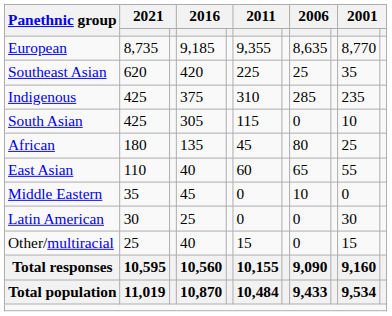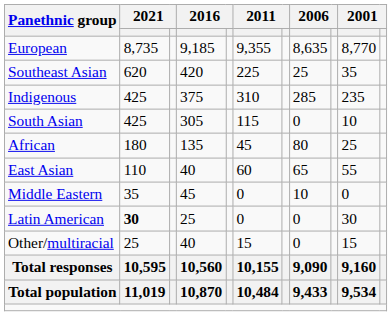 <table class="wikitable collapsible sortable">
 <tr>
 <th rowspan="2"><a href='#'>Panethnic</a> group</th>
 <th colspan="2">2021</th>
 <th colspan="2">2016</th>
 <th colspan="2">2011</th>
 <th colspan="2">2006</th>
 <th colspan="2">2001</th>
 </tr>
 <tr>
 <th><a href='#'></a></th>
 <th></th>
 <th></th>
 <th></th>
 <th></th>
 <th></th>
 <th></th>
 <th></th>
 <th></th>
 <th></th>
 </tr>
 <tr>
 <td><a href='#'>European</a></td>
 <td>8,735</td>
 <td></td>
 <td>9,185</td>
 <td></td>
 <td>9,355</td>
 <td></td>
 <td>8,635</td>
 <td></td>
 <td>8,770</td>
 <td></td>
 </tr>
 <tr>
 <td><a href='#'>Southeast Asian</a></td>
 <td>620</td>
 <td></td>
 <td>420</td>
 <td></td>
 <td>225</td>
 <td></td>
 <td>25</td>
 <td></td>
 <td>35</td>
 <td></td>
 </tr>
 <tr>
 <td><a href='#'>Indigenous</a></td>
 <td>425</td>
 <td></td>
 <td>375</td>
 <td></td>
 <td>310</td>
 <td></td>
 <td>285</td>
 <td></td>
 <td>235</td>
 <td></td>
 </tr>
 <tr>
 <td><a href='#'>South Asian</a></td>
 <td>425</td>
 <td></td>
 <td>305</td>
 <td></td>
 <td>115</td>
 <td></td>
 <td>0</td>
 <td></td>
 <td>10</td>
 <td></td>
 </tr>
 <tr>
 <td><a href='#'>African</a></td>
 <td>180</td>
 <td></td>
 <td>135</td>
 <td></td>
 <td>45</td>
 <td></td>
 <td>80</td>
 <td></td>
 <td>25</td>
 <td></td>
 </tr>
 <tr>
 <td><a href='#'>East Asian</a></td>
 <td>110</td>
 <td></td>
 <td>40</td>
 <td></td>
 <td>60</td>
 <td></td>
 <td>65</td>
 <td></td>
 <td>55</td>
 <td></td>
 </tr>
 <tr>
 <td><a href='#'>Middle Eastern</a></td>
 <td>35</td>
 <td></td>
 <td>45</td>
 <td></td>
 <td>0</td>
 <td></td>
 <td>10</td>
 <td></td>
 <td>0</td>
 <td></td>
 </tr>
 <tr>
 <td><a href='#'>Latin American</a></td>
-<td>30</td>
+<td><strong>30</strong></td>
 <td></td>
 <td>25</td>
 <td></td>
 <td>0</td>
 <td></td>
 <td>0</td>
 <td></td>
 <td>30</td>
 <td></td>
 </tr>
 <tr>
 <td>Other/<a href='#'>multiracial</a></td>
 <td>25</td>
 <td></td>
 <td>40</td>
 <td></td>
 <td>15</td>
 <td></td>
 <td>0</td>
 <td></td>
 <td>15</td>
 <td></td>
 </tr>
 <tr>
 <th>Total responses</th>
 <th>10,595</th>
 <th></th>
 <th>10,560</th>
 <th></th>
 <th>10,155</th>
 <th></th>
 <th>9,090</th>
 <th></th>
 <th>9,160</th>
 <th></th>
 </tr>
 <tr class="sortbottom">
 <th>Total population</th>
 <th>11,019</th>
 <th></th>
 <th>10,870</th>
 <th></th>
 <th>10,484</th>
 <th></th>
 <th>9,433</th>
 <th></th>
 <th>9,534</th>
 <th></th>
 </tr>
 <tr class="sortbottom">
 <td colspan="11"></td>
 </tr>
 </table>
